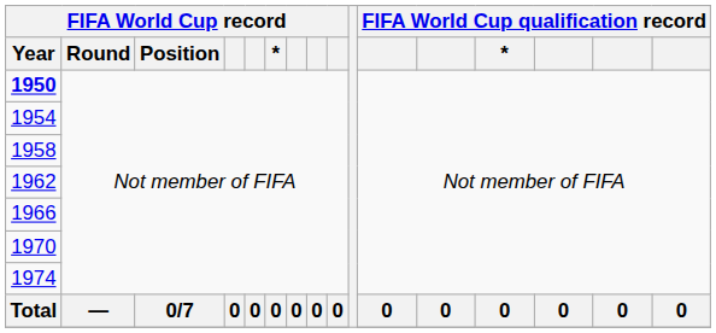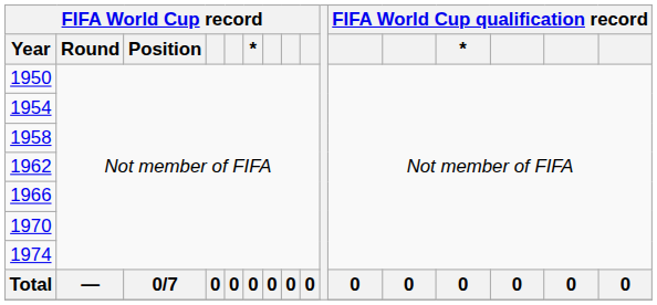 <table class="wikitable" style="text-align: center;">
 <tr>
 <th colspan=9><a href='#'>FIFA World Cup</a> record</th>
 <th rowspan="26"></th>
 <th colspan="6"><a href='#'>FIFA World Cup qualification</a> record</th>
 </tr>
 <tr>
 <th>Year</th>
 <th>Round</th>
 <th>Position</th>
 <th></th>
 <th></th>
 <th>*</th>
 <th></th>
 <th></th>
 <th></th>
 <th></th>
 <th></th>
 <th>*</th>
 <th></th>
 <th></th>
 <th></th>
 </tr>
 <tr>
-<td><strong> <a href='#'>1950</a></strong></td>
+<td> <a href='#'>1950</a></td>
 <td rowspan=7 colspan=8><em>Not member of FIFA</em></td>
 <td rowspan=7 colspan=6><em>Not member of FIFA</em></td>
 </tr>
 <tr>
 <td> <a href='#'>1954</a></td>
 </tr>
 <tr>
 <td> <a href='#'>1958</a></td>
 </tr>
 <tr>
 <td> <a href='#'>1962</a></td>
 </tr>
 <tr>
 <td> <a href='#'>1966</a></td>
 </tr>
 <tr>
 <td> <a href='#'>1970</a></td>
 </tr>
 <tr>
 <td> <a href='#'>1974</a></td>
 </tr>
 <tr>
 <th>Total</th>
 <th>—</th>
 <th>0/7</th>
 <th>0</th>
 <th>0</th>
 <th>0</th>
 <th>0</th>
 <th>0</th>
 <th>0</th>
 <th>0</th>
 <th>0</th>
 <th>0</th>
 <th>0</th>
 <th>0</th>
 <th>0</th>
 </tr>
 <tr>
 </tr>
 </table>
